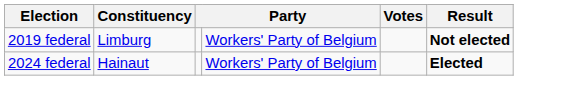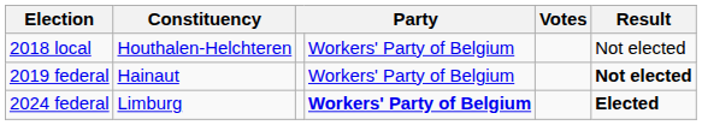 <table class="wikitable" style="text-align:left;">
 <tr>
 <th scope=col>Election</th>
 <th scope=col>Constituency</th>
 <th scope=col colspan="2">Party</th>
 <th scope=col>Votes</th>
 <th scope=col>Result</th>
 </tr>
 <tr>
+<td><a href='#'>2018 local</a></td>
+<td><a href='#'>Houthalen-Helchteren</a></td>
+<td style="background:"></td>
+<td><a href='#'>Workers' Party of Belgium</a></td>
+<td align=right></td>
+<td>Not elected</td>
+</tr>
+<tr>
 <td><a href='#'>2019 federal</a></td>
-<td><a href='#'>Limburg</a></td>
+<td><a href='#'>Hainaut</a></td>
 <td style="background:"></td>
 <td><a href='#'>Workers' Party of Belgium</a></td>
 <td align=right></td>
 <td><strong>Not elected</strong></td>
 </tr>
 <tr>
 <td><a href='#'>2024 federal</a></td>
-<td><a href='#'>Hainaut</a></td>
+<td><a href='#'>Limburg</a></td>
 <td style="background:"></td>
-<td><a href='#'>Workers' Party of Belgium</a></td>
+<td><strong><a href='#'>Workers' Party of Belgium</a></strong></td>
 <td align=right></td>
 <td><strong>Elected</strong></td>
 </tr>
 </table>
